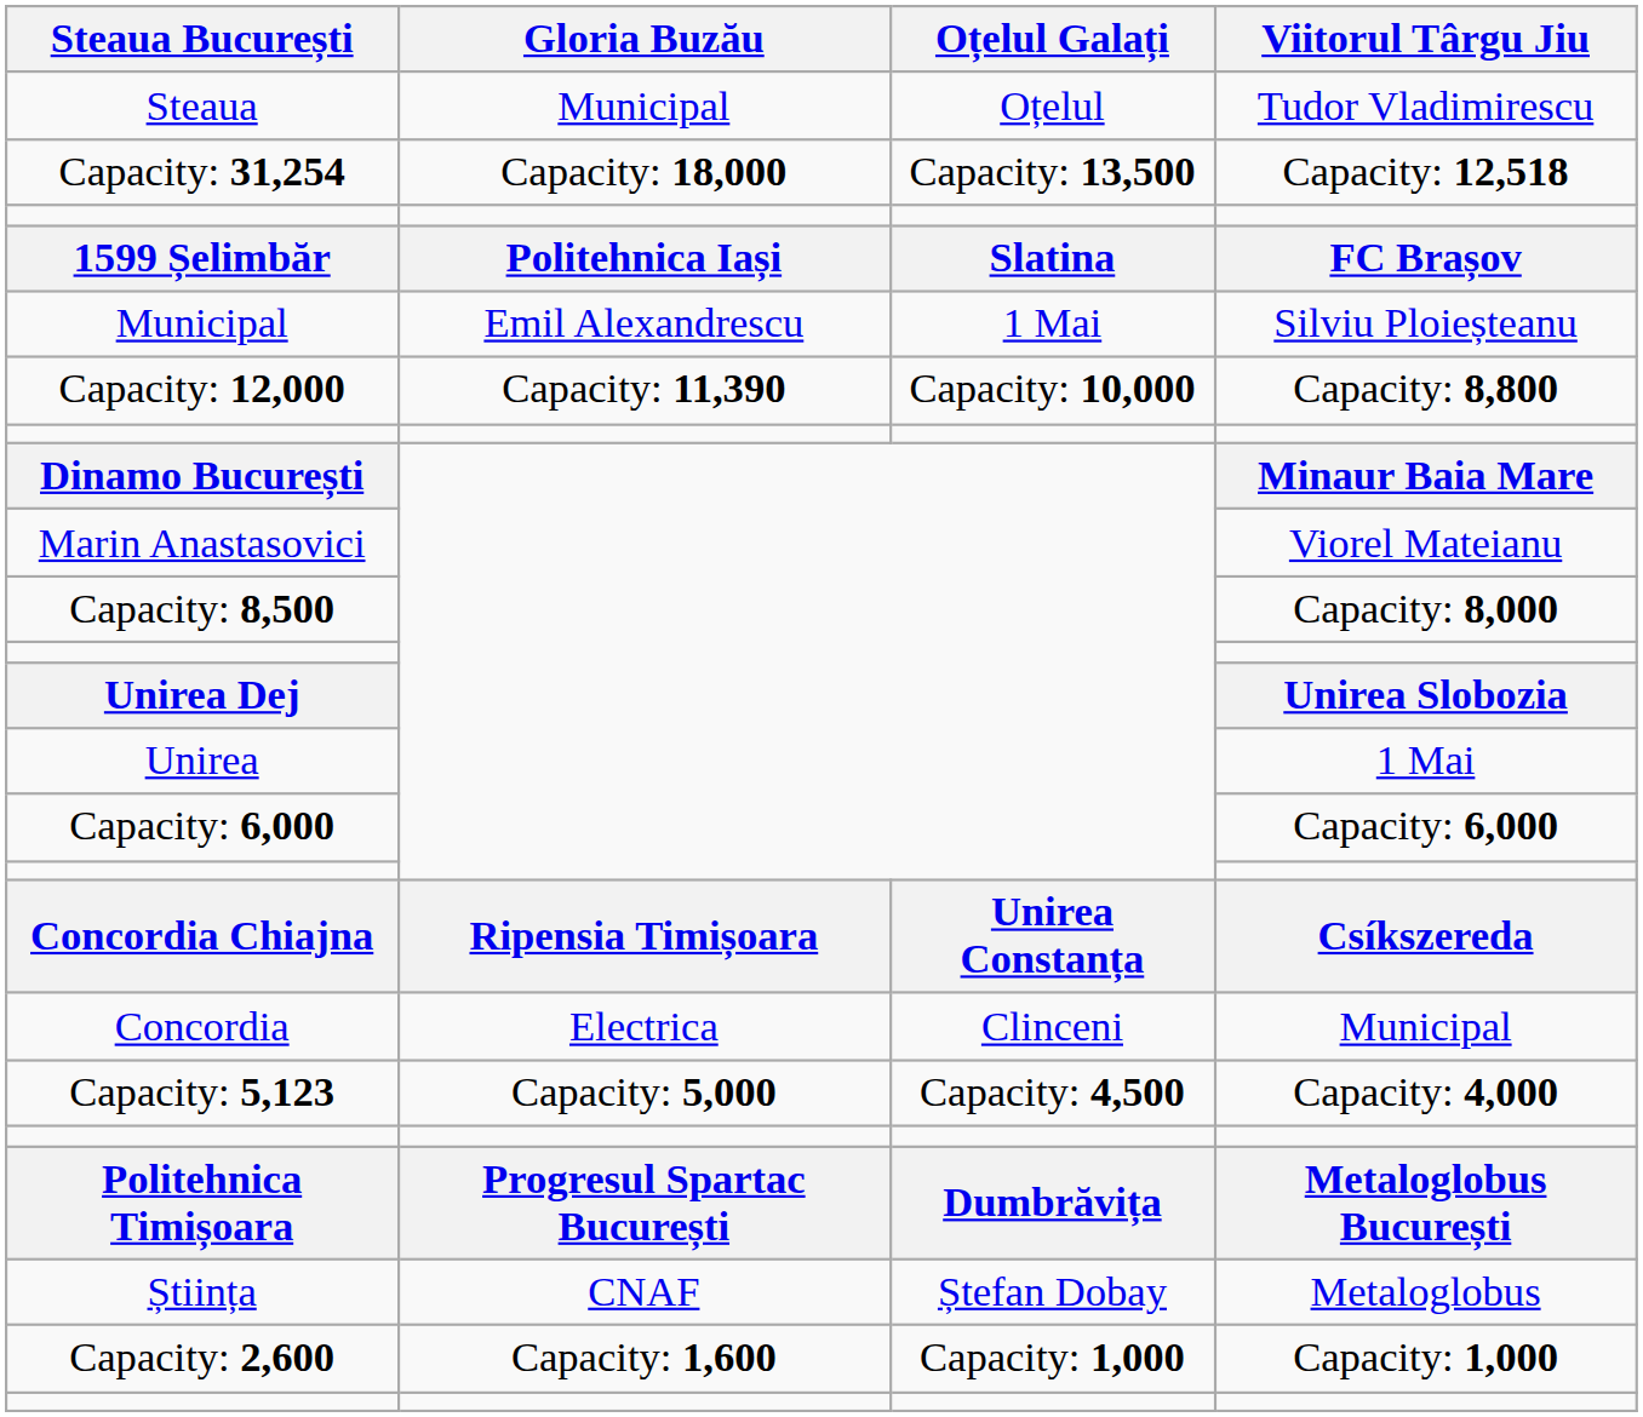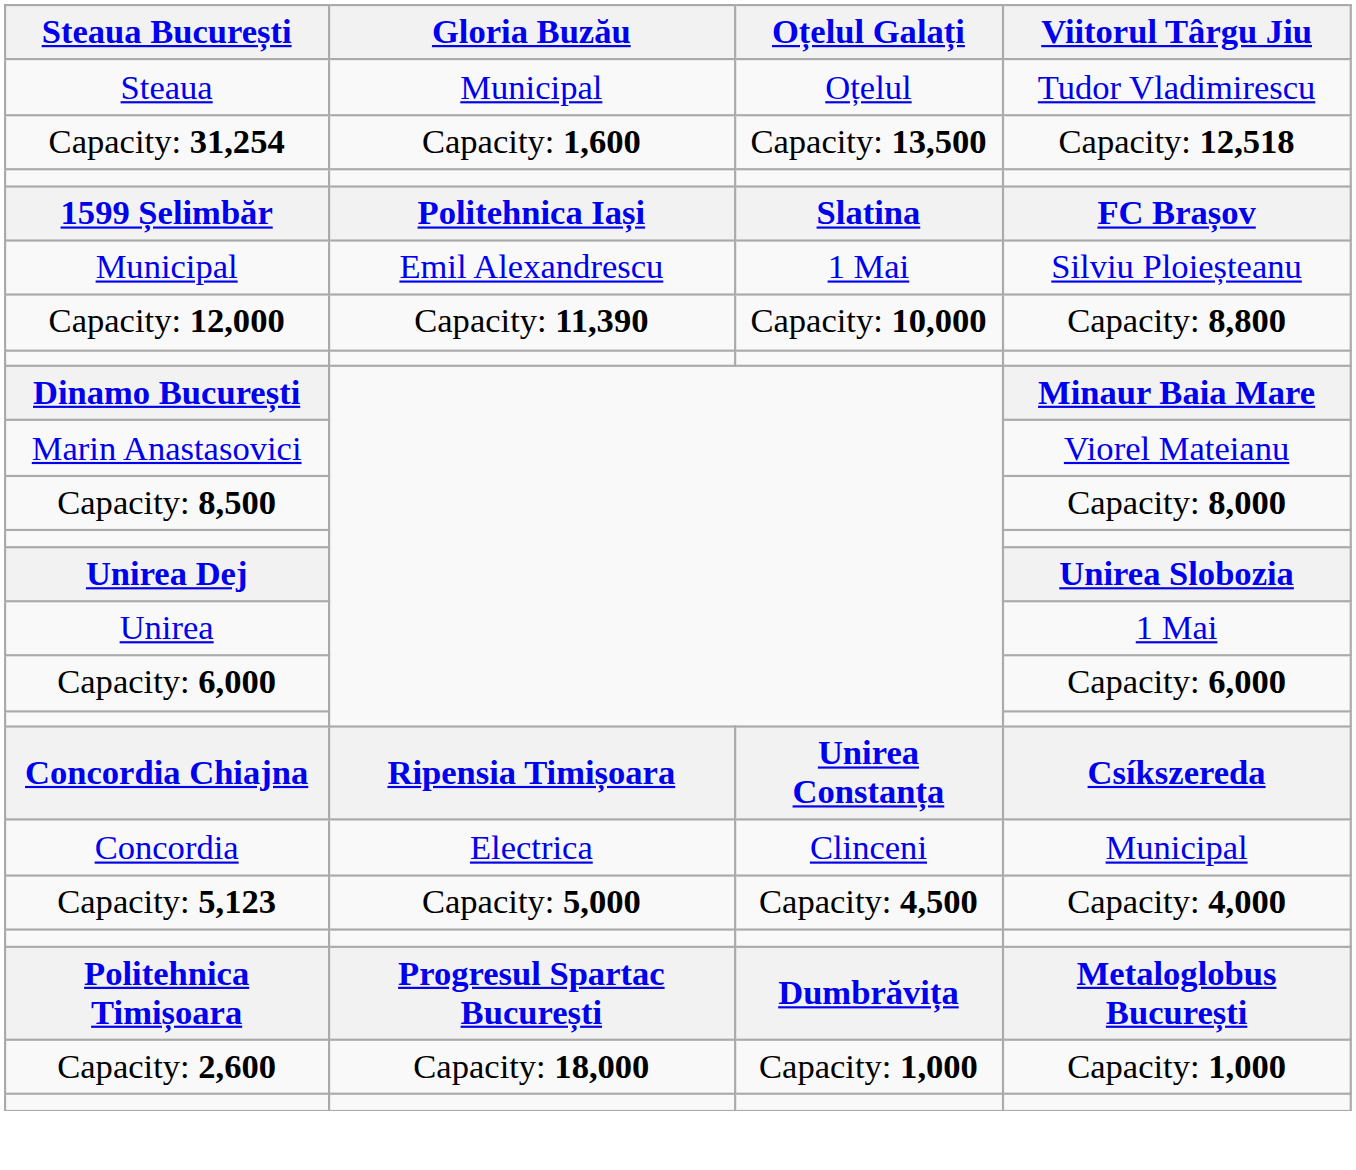 <table class="wikitable" style="text-align:center; margin:0.5em auto;">
 <tr>
 <th><a href='#'>Steaua București</a></th>
 <th><a href='#'>Gloria Buzău</a></th>
 <th><a href='#'>Oțelul Galați</a></th>
 <th><a href='#'>Viitorul Târgu Jiu</a></th>
 </tr>
 <tr>
 <td><a href='#'>Steaua</a></td>
 <td><a href='#'>Municipal</a></td>
 <td><a href='#'>Oțelul</a></td>
 <td><a href='#'>Tudor Vladimirescu</a></td>
 </tr>
 <tr>
 <td>Capacity: <strong>31,254</strong></td>
-<td>Capacity: <strong>18,000</strong></td>
+<td>Capacity: <strong>1,600</strong></td>
 <td>Capacity: <strong>13,500</strong></td>
 <td>Capacity: <strong>12,518</strong></td>
 </tr>
 <tr>
 <td></td>
 <td></td>
 <td></td>
 <td></td>
 </tr>
 <tr>
 <th><a href='#'>1599 Șelimbăr</a></th>
 <th><a href='#'>Politehnica Iași</a></th>
 <th><a href='#'>Slatina</a></th>
 <th><a href='#'>FC Brașov</a></th>
 </tr>
 <tr>
 <td><a href='#'>Municipal</a></td>
 <td><a href='#'>Emil Alexandrescu</a></td>
 <td><a href='#'>1 Mai</a></td>
 <td><a href='#'>Silviu Ploieșteanu</a></td>
 </tr>
 <tr>
 <td>Capacity: <strong>12,000</strong></td>
 <td>Capacity: <strong>11,390</strong></td>
 <td>Capacity: <strong>10,000</strong></td>
 <td>Capacity: <strong>8,800</strong></td>
 </tr>
 <tr>
 <td></td>
 <td></td>
 <td></td>
 <td></td>
 </tr>
 <tr>
 <th><a href='#'>Dinamo București</a></th>
 <td colspan="2" rowspan="8"><br> </td>
 <th><a href='#'>Minaur Baia Mare</a></th>
 </tr>
 <tr>
 <td><a href='#'>Marin Anastasovici</a></td>
 <td><a href='#'>Viorel Mateianu</a></td>
 </tr>
 <tr>
 <td>Capacity: <strong>8,500</strong></td>
 <td>Capacity: <strong>8,000</strong></td>
 </tr>
 <tr>
 <td></td>
 <td></td>
 </tr>
 <tr>
 <th><a href='#'>Unirea Dej</a></th>
 <th><a href='#'>Unirea Slobozia</a></th>
 </tr>
 <tr>
 <td><a href='#'>Unirea</a></td>
 <td><a href='#'>1 Mai</a></td>
 </tr>
 <tr>
 <td>Capacity: <strong>6,000</strong></td>
 <td>Capacity: <strong>6,000</strong></td>
 </tr>
 <tr>
 <td></td>
 <td></td>
 </tr>
 <tr>
 <th><a href='#'>Concordia Chiajna</a></th>
 <th><a href='#'>Ripensia Timișoara</a></th>
 <th><a href='#'>Unirea Constanța</a></th>
 <th><a href='#'>Csíkszereda</a></th>
 </tr>
 <tr>
 <td><a href='#'>Concordia</a></td>
 <td><a href='#'>Electrica</a></td>
 <td><a href='#'>Clinceni</a></td>
 <td><a href='#'>Municipal</a></td>
 </tr>
 <tr>
 <td>Capacity: <strong>5,123</strong></td>
 <td>Capacity: <strong>5,000</strong></td>
 <td>Capacity: <strong>4,500</strong></td>
 <td>Capacity: <strong>4,000</strong></td>
 </tr>
 <tr>
 <td></td>
 <td></td>
 <td></td>
 <td></td>
 </tr>
 <tr>
 <th><a href='#'>Politehnica Timișoara</a></th>
 <th><a href='#'>Progresul Spartac București</a></th>
 <th><a href='#'>Dumbrăvița</a></th>
 <th><a href='#'>Metaloglobus București</a></th>
 </tr>
 <tr>
-<td><a href='#'>Știința</a></td>
-<td><a href='#'>CNAF</a></td>
-<td><a href='#'>Ștefan Dobay</a></td>
-<td><a href='#'>Metaloglobus</a></td>
-</tr>
-<tr>
 <td>Capacity: <strong>2,600</strong></td>
-<td>Capacity: <strong>1,600</strong></td>
+<td>Capacity: <strong>18,000</strong></td>
 <td>Capacity: <strong>1,000</strong></td>
 <td>Capacity: <strong>1,000</strong></td>
 </tr>
 <tr>
 <td></td>
 <td></td>
 <td></td>
 <td></td>
 </tr>
 </table>
